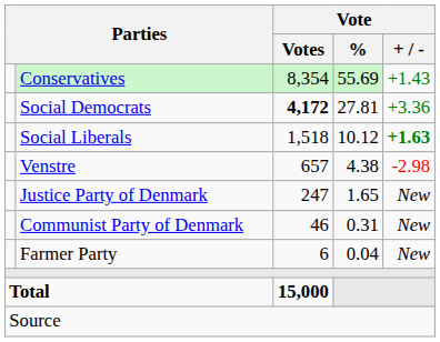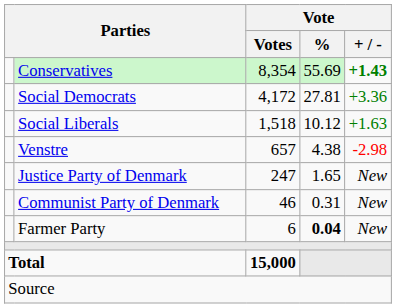 <table class="wikitable" style="text-align:right;">
 <tr>
 <th style="text-align:centre;" rowspan="2" colspan="2" width="225">Parties</th>
 <th colspan="3">Vote</th>
 </tr>
 <tr>
 <th width="15">Votes</th>
 <th width="15">%</th>
 <th width="15">+ / -</th>
 </tr>
 <tr>
 <td width="2" style="color:inherit;background:"></td>
 <td bgcolor=#ccf7cc  align="left"><a href='#'>Conservatives</a></td>
 <td bgcolor=#ccf7cc>8,354</td>
 <td bgcolor=#ccf7cc>55.69</td>
-<td style=color:green;>+1.43</td>
+<td style=color:green;><strong>+1.43</strong></td>
 </tr>
 <tr>
 <td width="2" style="color:inherit;background:"></td>
 <td align="left"><a href='#'>Social Democrats</a></td>
-<td><strong>4,172</strong></td>
+<td>4,172</td>
 <td>27.81</td>
 <td style=color:green;>+3.36</td>
 </tr>
 <tr>
 <td width="2" style="color:inherit;background:"></td>
 <td align="left"><a href='#'>Social Liberals</a></td>
 <td>1,518</td>
 <td>10.12</td>
-<td style=color:green;><strong>+1.63</strong></td>
+<td style=color:green;>+1.63</td>
 </tr>
 <tr>
 <td width="2" style="color:inherit;background:"></td>
 <td align="left"><a href='#'>Venstre</a></td>
 <td>657</td>
 <td>4.38</td>
 <td style=color:red;>-2.98</td>
 </tr>
 <tr>
 <td width="2" style="color:inherit;background:"></td>
 <td align="left"><a href='#'>Justice Party of Denmark</a></td>
 <td>247</td>
 <td>1.65</td>
 <td><em>New</em></td>
 </tr>
 <tr>
 <td width="2" style="color:inherit;background:"></td>
 <td align="left"><a href='#'>Communist Party of Denmark</a></td>
 <td>46</td>
 <td>0.31</td>
 <td><em>New</em></td>
 </tr>
 <tr>
 <td width="2" style="color:inherit;background:"></td>
 <td align="left">Farmer Party</td>
 <td>6</td>
-<td>0.04</td>
+<td><strong>0.04</strong></td>
 <td><em>New</em></td>
 </tr>
 <tr>
 <td colspan="7" bgcolor="#E9E9E9"></td>
 </tr>
 <tr>
 <td align="left" colspan="2"><strong>Total</strong></td>
 <td><strong>15,000</strong></td>
 <td bgcolor="#E9E9E9" colspan="2"></td>
 </tr>
 <tr>
 <td align="left" colspan="6">Source</td>
 </tr>
 </table>
